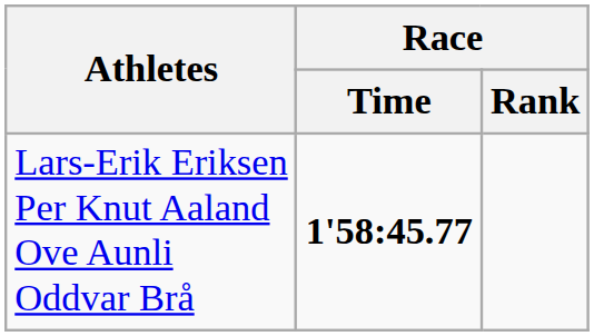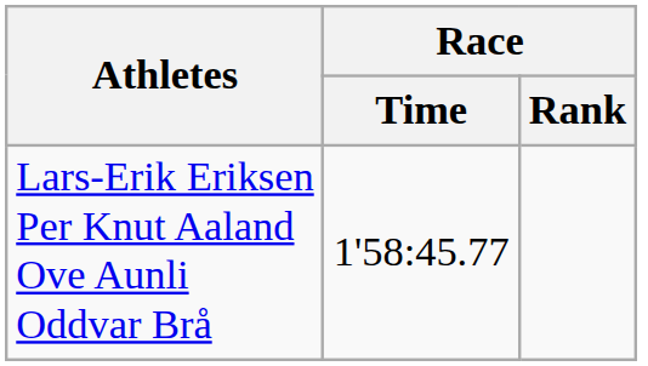 <table class="wikitable" border="1" style="font-size:90%">
 <tr>
 <th rowspan=2>Athletes</th>
 <th colspan=2>Race</th>
 </tr>
 <tr>
 <th>Time</th>
 <th>Rank</th>
 </tr>
 <tr>
 <td><a href='#'>Lars-Erik Eriksen</a><br><a href='#'>Per Knut Aaland</a><br><a href='#'>Ove Aunli</a><br><a href='#'>Oddvar Brå</a></td>
-<td align=center><strong>1'58:45.77</strong></td>
+<td align=center>1'58:45.77</td>
 <td align=center></td>
 </tr>
 </table>
